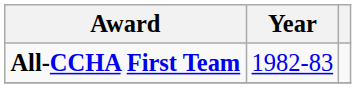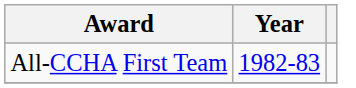 <table class="wikitable">
 <tr>
 <th>Award</th>
 <th>Year</th>
 <th></th>
 </tr>
 <tr>
-<td><strong>All-<a href='#'>CCHA</a> <a href='#'>First Team</a></strong></td>
+<td>All-<a href='#'>CCHA</a> <a href='#'>First Team</a></td>
 <td><a href='#'>1982-83</a></td>
 <td></td>
 </tr>
 <tr>
 </tr>
 </table>
